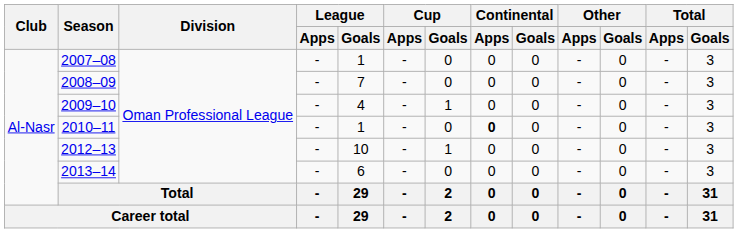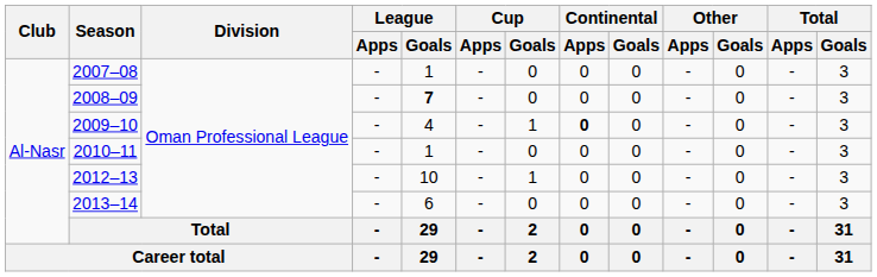 <table class="wikitable" style="text-align: center;">
 <tr>
 <th rowspan="2">Club</th>
 <th rowspan="2">Season</th>
 <th rowspan="2">Division</th>
 <th colspan="2">League</th>
 <th colspan="2">Cup</th>
 <th colspan="2">Continental</th>
 <th colspan="2">Other</th>
 <th colspan="2">Total</th>
 </tr>
 <tr>
 <th>Apps</th>
 <th>Goals</th>
 <th>Apps</th>
 <th>Goals</th>
 <th>Apps</th>
 <th>Goals</th>
 <th>Apps</th>
 <th>Goals</th>
 <th>Apps</th>
 <th>Goals</th>
 </tr>
 <tr>
 <td rowspan="7"><a href='#'>Al-Nasr</a></td>
 <td><a href='#'>2007–08</a></td>
 <td rowspan="6"><a href='#'>Oman Professional League</a></td>
 <td>-</td>
 <td>1</td>
 <td>-</td>
 <td>0</td>
 <td>0</td>
 <td>0</td>
 <td>-</td>
 <td>0</td>
 <td>-</td>
 <td>3</td>
 </tr>
 <tr>
 <td><a href='#'>2008–09</a></td>
 <td>-</td>
-<td>7</td>
+<td><strong>7</strong></td>
 <td>-</td>
 <td>0</td>
 <td>0</td>
 <td>0</td>
 <td>-</td>
 <td>0</td>
 <td>-</td>
 <td>3</td>
 </tr>
 <tr>
 <td><a href='#'>2009–10</a></td>
 <td>-</td>
 <td>4</td>
 <td>-</td>
 <td>1</td>
-<td>0</td>
+<td><strong>0</strong></td>
 <td>0</td>
 <td>-</td>
 <td>0</td>
 <td>-</td>
 <td>3</td>
 </tr>
 <tr>
 <td><a href='#'>2010–11</a></td>
 <td>-</td>
 <td>1</td>
 <td>-</td>
 <td>0</td>
-<td><strong>0</strong></td>
+<td>0</td>
 <td>0</td>
 <td>-</td>
 <td>0</td>
 <td>-</td>
 <td>3</td>
 </tr>
 <tr>
 <td><a href='#'>2012–13</a></td>
 <td>-</td>
 <td>10</td>
 <td>-</td>
 <td>1</td>
 <td>0</td>
 <td>0</td>
 <td>-</td>
 <td>0</td>
 <td>-</td>
 <td>3</td>
 </tr>
 <tr>
 <td><a href='#'>2013–14</a></td>
 <td>-</td>
 <td>6</td>
 <td>-</td>
 <td>0</td>
 <td>0</td>
 <td>0</td>
 <td>-</td>
 <td>0</td>
 <td>-</td>
 <td>3</td>
 </tr>
 <tr>
 <th colspan="2">Total</th>
 <th>-</th>
 <th>29</th>
 <th>-</th>
 <th>2</th>
 <th>0</th>
 <th>0</th>
 <th>-</th>
 <th>0</th>
 <th>-</th>
 <th>31</th>
 </tr>
 <tr>
 <th colspan="3">Career total</th>
 <th>-</th>
 <th>29</th>
 <th>-</th>
 <th>2</th>
 <th>0</th>
 <th>0</th>
 <th>-</th>
 <th>0</th>
 <th>-</th>
 <th>31</th>
 </tr>
 </table>
